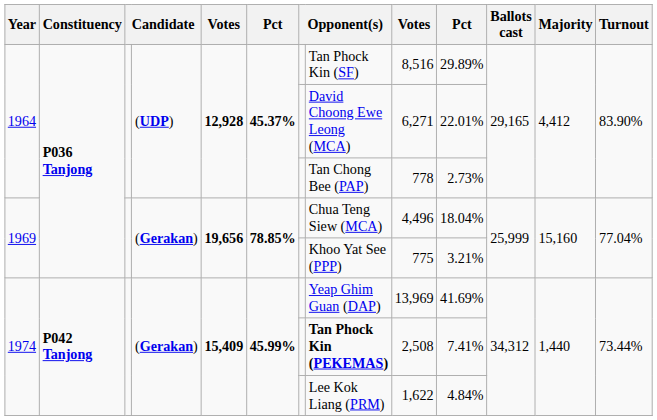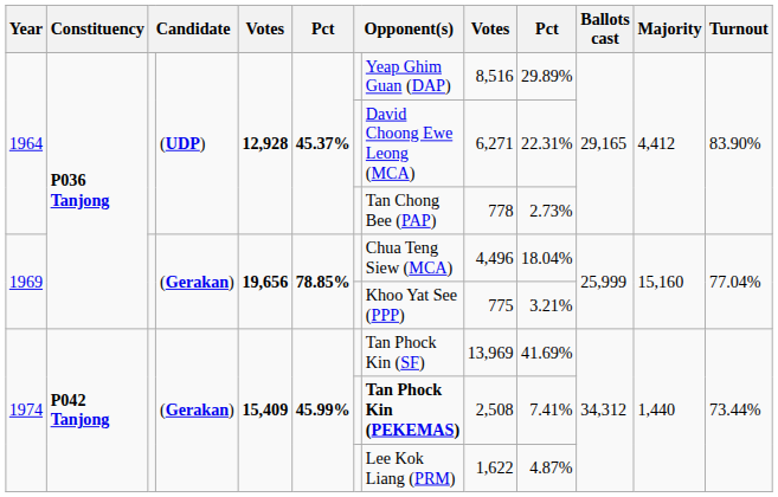 <table class="wikitable" style="margin:0.5em ; font-size:95%">
 <tr>
 <th>Year</th>
 <th>Constituency</th>
 <th colspan=2>Candidate</th>
 <th>Votes</th>
 <th>Pct</th>
 <th colspan=2>Opponent(s)</th>
 <th>Votes</th>
 <th>Pct</th>
 <th>Ballots cast</th>
 <th>Majority</th>
 <th>Turnout</th>
 </tr>
 <tr>
 <td rowspan=3><a href='#'>1964</a></td>
 <td rowspan=5><strong>P036 <a href='#'>Tanjong</a></strong></td>
 <td rowspan=3 bgcolor=></td>
 <td rowspan=3> (<a href='#'><strong>UDP</strong></a>)</td>
 <td rowspan=3 align=right><strong>12,928</strong></td>
 <td rowspan=3><strong>45.37%</strong></td>
 <td bgcolor=></td>
-<td>Tan Phock Kin (<a href='#'>SF</a>)</td>
+<td><a href='#'>Yeap Ghim Guan</a> (<a href='#'>DAP</a>)</td>
 <td align=right>8,516</td>
 <td>29.89%</td>
 <td rowspan=3>29,165</td>
 <td rowspan=3>4,412</td>
 <td rowspan=3>83.90%</td>
 </tr>
 <tr>
 <td></td>
 <td><a href='#'>David Choong Ewe Leong</a> (<a href='#'>MCA</a>)</td>
 <td align=right>6,271</td>
-<td>22.01%</td>
+<td>22.31%</td>
 </tr>
 <tr>
 <td bgcolor=></td>
 <td>Tan Chong Bee (<a href='#'>PAP</a>)</td>
 <td align=right>778</td>
 <td align=right>2.73%</td>
 </tr>
 <tr>
 <td rowspan=2><a href='#'>1969</a></td>
 <td rowspan=2 bgcolor=></td>
 <td rowspan=2> (<a href='#'><strong>Gerakan</strong></a>)</td>
 <td rowspan=2 align=right><strong>19,656</strong></td>
 <td rowspan=2><strong>78.85%</strong></td>
 <td></td>
 <td>Chua Teng Siew (<a href='#'>MCA</a>)</td>
 <td align=right>4,496</td>
 <td>18.04%</td>
 <td rowspan=2>25,999</td>
 <td rowspan=2>15,160</td>
 <td rowspan=2>77.04%</td>
 </tr>
 <tr>
 <td bgcolor=></td>
 <td>Khoo Yat See (<a href='#'>PPP</a>)</td>
 <td align=right>775</td>
 <td align=right>3.21%</td>
 </tr>
 <tr>
 <td rowspan=3><a href='#'>1974</a></td>
 <td rowspan=3><strong>P042 <a href='#'>Tanjong</a></strong></td>
 <td rowspan=3 ></td>
 <td rowspan=3> (<a href='#'><strong>Gerakan</strong></a>)</td>
 <td rowspan=3 align=right><strong>15,409</strong></td>
 <td rowspan=3><strong>45.99%</strong></td>
 <td></td>
-<td><a href='#'>Yeap Ghim Guan</a> (<a href='#'>DAP</a>)</td>
+<td>Tan Phock Kin (<a href='#'>SF</a>)</td>
 <td align=right>13,969</td>
 <td>41.69%</td>
 <td rowspan=3>34,312</td>
 <td rowspan=3>1,440</td>
 <td rowspan=3>73.44%</td>
 </tr>
 <tr>
 <td></td>
 <td><strong>Tan Phock Kin (<a href='#'>PEKEMAS</a>)</strong></td>
 <td align=right>2,508</td>
 <td align=right>7.41%</td>
 </tr>
 <tr>
 <td bgcolor=></td>
 <td>Lee Kok Liang (<a href='#'>PRM</a>)</td>
 <td align=right>1,622</td>
-<td align=right>4.84%</td>
+<td align=right>4.87%</td>
 </tr>
 </table>
